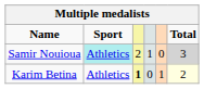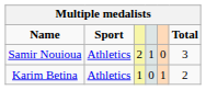 <table class="wikitable" style="font-size:85%; float:right;">
 <tr style="background:#efefef;">
 <th colspan=7><strong>Multiple medalists</strong></th>
 </tr>
 <tr align=center>
 <td><strong>Name</strong></td>
 <td><strong>Sport</strong></td>
 <td style="background:#f7f6a8;"></td>
 <td style="background:#dce5e5;"></td>
 <td style="background:#ffdab9;"></td>
 <td><strong>Total</strong></td>
 </tr>
 <tr align=center>
 <td><a href='#'>Samir Nouioua</a></td>
-<td style="background: paleturquoise;"><a href='#'>Athletics</a></td>
+<td><a href='#'>Athletics</a></td>
 <td style="background:#f7f6a8;">2</td>
 <td style="background:#dce5e5;">1</td>
 <td style="background:#ffdab9;">0</td>
-<td style="background: lightgrey;">3</td>
+<td>3</td>
 </tr>
 <tr align=center>
 <td><a href='#'>Karim Betina</a></td>
 <td><a href='#'>Athletics</a></td>
-<td style="background:#f7f6a8;"><strong>1</strong></td>
+<td style="background:#f7f6a8;">1</td>
 <td style="background:#dce5e5;">0</td>
 <td style="background:#ffdab9;">1</td>
-<td style="background: lightyellow;">2</td>
+<td>2</td>
 </tr>
 </table>
